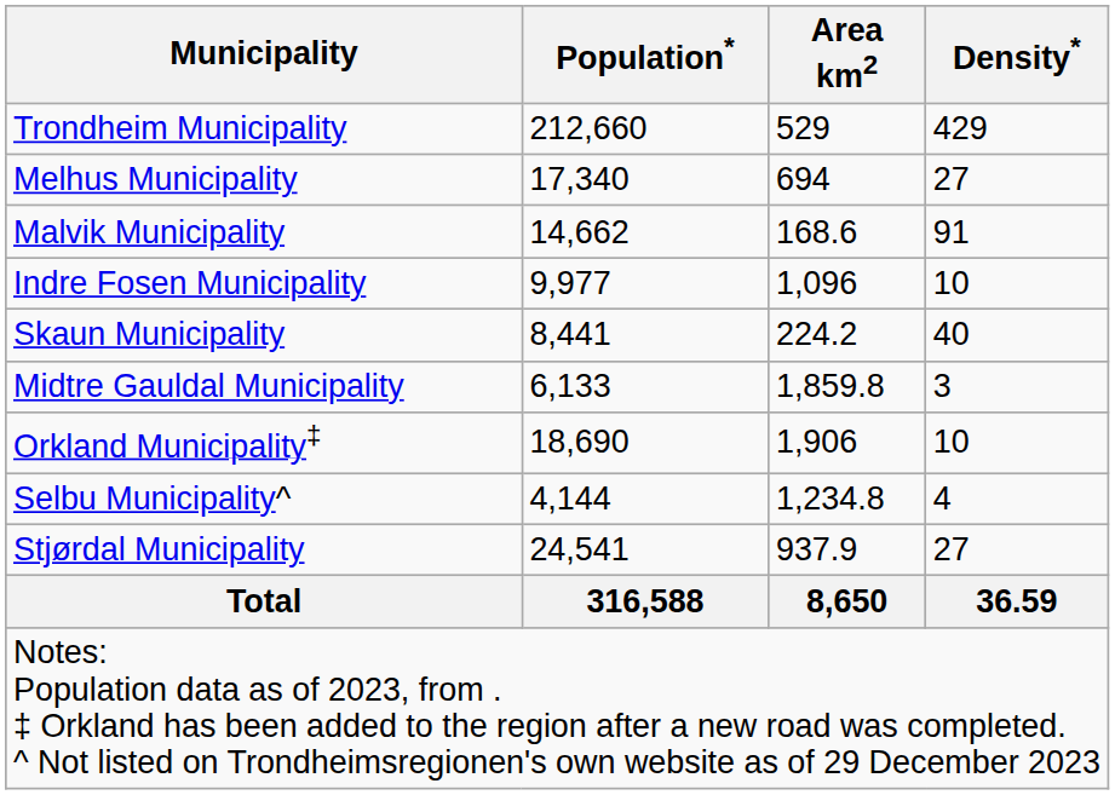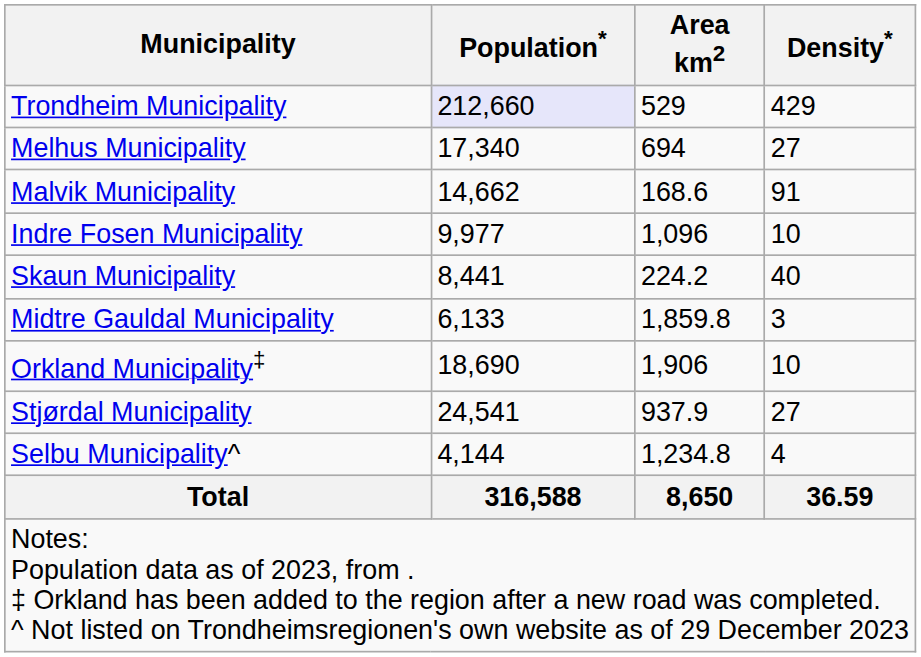 <table border=0 cellspacing=3 cellpadding=1 class="wikitable sortable">
 <tr>
 <th>Municipality</th>
 <th>Population<sup>*</sup></th>
 <th>Area<br>km<sup>2</sup></th>
 <th>Density<sup>*</sup></th>
 </tr>
 <tr>
 <td><a href='#'>Trondheim Municipality</a></td>
-<td>212,660</td>
+<td style="background: lavender;">212,660</td>
 <td>529</td>
 <td>429</td>
 </tr>
 <tr>
 <td><a href='#'>Melhus Municipality</a></td>
 <td>17,340</td>
 <td>694</td>
 <td>27</td>
 </tr>
 <tr>
 <td><a href='#'>Malvik Municipality</a></td>
 <td>14,662</td>
 <td>168.6</td>
 <td>91</td>
 </tr>
 <tr>
 <td><a href='#'>Indre Fosen Municipality</a></td>
 <td>9,977</td>
 <td>1,096</td>
 <td>10</td>
 </tr>
 <tr>
 <td><a href='#'>Skaun Municipality</a></td>
 <td>8,441</td>
 <td>224.2</td>
 <td>40</td>
 </tr>
 <tr>
 <td><a href='#'>Midtre Gauldal Municipality</a></td>
 <td>6,133</td>
 <td>1,859.8</td>
 <td>3</td>
 </tr>
 <tr>
 <td><a href='#'>Orkland Municipality</a><sup>‡</sup></td>
 <td>18,690</td>
 <td>1,906</td>
 <td>10</td>
 </tr>
 <tr>
+<td><a href='#'>Stjørdal Municipality</a></td>
+<td>24,541</td>
+<td>937.9</td>
+<td>27</td>
+</tr>
+<tr>
 <td><a href='#'>Selbu Municipality</a>^</td>
 <td>4,144</td>
 <td>1,234.8</td>
 <td>4</td>
-</tr>
-<tr>
-<td><a href='#'>Stjørdal Municipality</a></td>
-<td>24,541</td>
-<td>937.9</td>
-<td>27</td>
 </tr>
 <tr>
 <th>Total</th>
 <th>316,588</th>
 <th>8,650</th>
 <th>36.59</th>
 </tr>
 <tr>
 <td colspan=4>Notes:<br> Population data as of 2023, from .<br> ‡ Orkland has been added to the region after a new road was completed.<br> ^ Not listed on Trondheimsregionen's own website as of 29 December 2023</td>
 </tr>
 </table>
